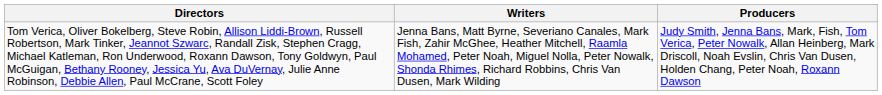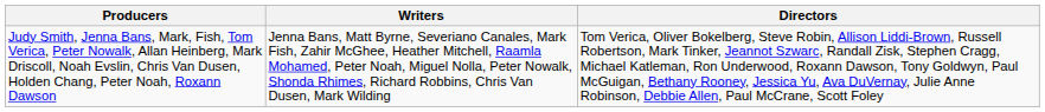 <table class="wikitable">
 <tr>
+<th>Producers</th>
+<th>Writers</th>
 <th>Directors</th>
-<th>Writers</th>
-<th>Producers</th>
 </tr>
 <tr>
+<td><a href='#'>Judy Smith</a>, <a href='#'>Jenna Bans</a>, Mark, Fish, <a href='#'>Tom Verica</a>, <a href='#'>Peter Nowalk</a>, Allan Heinberg, Mark Driscoll, Noah Evslin, Chris Van Dusen, Holden Chang, Peter Noah, <a href='#'>Roxann Dawson</a></td>
+<td>Jenna Bans, Matt Byrne, Severiano Canales, Mark Fish, Zahir McGhee, Heather Mitchell, <a href='#'>Raamla Mohamed</a>, Peter Noah, Miguel Nolla, Peter Nowalk, <a href='#'>Shonda Rhimes</a>, Richard Robbins, Chris Van Dusen, Mark Wilding</td>
 <td>Tom Verica, Oliver Bokelberg, Steve Robin, <a href='#'>Allison Liddi-Brown</a>, Russell Robertson, Mark Tinker, <a href='#'>Jeannot Szwarc</a>, Randall Zisk, Stephen Cragg, Michael Katleman, Ron Underwood, Roxann Dawson, Tony Goldwyn, Paul McGuigan, <a href='#'>Bethany Rooney</a>, <a href='#'>Jessica Yu</a>, <a href='#'>Ava DuVernay</a>, Julie Anne Robinson, <a href='#'>Debbie Allen</a>, Paul McCrane, Scott Foley</td>
-<td>Jenna Bans, Matt Byrne, Severiano Canales, Mark Fish, Zahir McGhee, Heather Mitchell, <a href='#'>Raamla Mohamed</a>, Peter Noah, Miguel Nolla, Peter Nowalk, <a href='#'>Shonda Rhimes</a>, Richard Robbins, Chris Van Dusen, Mark Wilding</td>
-<td><a href='#'>Judy Smith</a>, <a href='#'>Jenna Bans</a>, Mark, Fish, <a href='#'>Tom Verica</a>, <a href='#'>Peter Nowalk</a>, Allan Heinberg, Mark Driscoll, Noah Evslin, Chris Van Dusen, Holden Chang, Peter Noah, <a href='#'>Roxann Dawson</a></td>
 </tr>
 </table>
